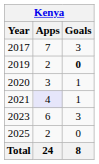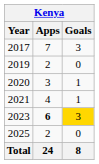 <table class="wikitable" style="text-align:center">
 <tr>
 <th colspan=3><a href='#'>Kenya</a></th>
 </tr>
 <tr>
 <th>Year</th>
 <th>Apps</th>
 <th>Goals</th>
 </tr>
 <tr>
 <td>2017</td>
 <td>7</td>
 <td>3</td>
 </tr>
 <tr>
 <td>2019</td>
 <td>2</td>
-<td><strong>0</strong></td>
+<td>0</td>
 </tr>
 <tr>
 <td>2020</td>
 <td>3</td>
 <td>1</td>
 </tr>
 <tr>
 <td>2021</td>
-<td style="background: lavender;">4</td>
+<td>4</td>
 <td>1</td>
 </tr>
 <tr>
 <td>2023</td>
-<td>6</td>
-<td>3</td>
+<td><strong>6</strong></td>
+<td style="background: gold;">3</td>
 </tr>
 <tr>
 <td>2025</td>
 <td>2</td>
 <td>0</td>
 </tr>
 <tr>
 <th>Total</th>
 <th>24</th>
 <th>8</th>
 </tr>
 </table>
